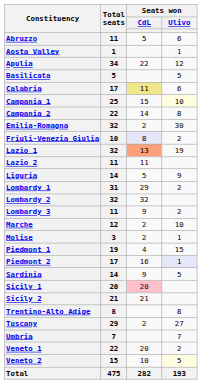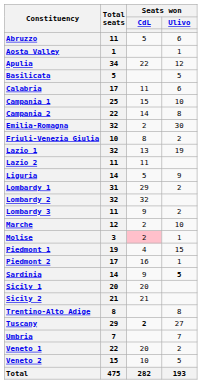 <table class="wikitable" style="text-align:center; font-size: 0.9em">
 <tr>
 <th rowspan="3">Constituency</th>
 <th rowspan="3">Total<br>seats</th>
 <th colspan="2">Seats won</th>
 </tr>
 <tr>
 <th class="unsortable" style="width:50px;"><a href='#'>CdL</a></th>
 <th class="unsortable" style="width:50px;"><a href='#'>Ulivo</a></th>
 </tr>
 <tr>
 <th style="color:inherit;background:"></th>
 <th style="color:inherit;background:"></th>
 </tr>
 <tr>
 <th style="text-align: left;"><a href='#'>Abruzzo</a></th>
 <th>11</th>
 <td>5</td>
 <td>6</td>
 </tr>
 <tr>
 <th style="text-align: left;"><a href='#'>Aosta Valley</a></th>
 <th>1</th>
 <td></td>
 <td>1</td>
 </tr>
 <tr>
 <th style="text-align: left;"><a href='#'>Apulia</a></th>
 <th>34</th>
 <td>22</td>
 <td>12</td>
 </tr>
 <tr>
 <th style="text-align: left;"><a href='#'>Basilicata</a></th>
 <th>5</th>
 <td></td>
 <td>5</td>
 </tr>
 <tr>
 <th style="text-align: left;"><a href='#'>Calabria</a></th>
 <th>17</th>
-<td style="background: khaki;">11</td>
+<td>11</td>
 <td>6</td>
 </tr>
 <tr>
 <th style="text-align: left;"><a href='#'>Campania 1</a></th>
 <th>25</th>
 <td>15</td>
-<td style="background: lightyellow;">10</td>
+<td>10</td>
 </tr>
 <tr>
 <th style="text-align: left;"><a href='#'>Campania 2</a></th>
 <th>22</th>
 <td>14</td>
 <td>8</td>
 </tr>
 <tr>
 <th style="text-align: left;"><a href='#'>Emilia-Romagna</a></th>
 <th>32</th>
 <td>2</td>
 <td>30</td>
 </tr>
 <tr>
 <th style="text-align: left;"><a href='#'>Friuli-Venezia Giulia</a></th>
 <th>10</th>
-<td style="background: lavender;">8</td>
+<td>8</td>
 <td>2</td>
 </tr>
 <tr>
 <th style="text-align: left;"><a href='#'>Lazio 1</a></th>
 <th>32</th>
-<td style="background: lightsalmon;">13</td>
+<td>13</td>
 <td>19</td>
 </tr>
 <tr>
 <th style="text-align: left;"><a href='#'>Lazio 2</a></th>
 <th>11</th>
 <td>11</td>
 <td></td>
 </tr>
 <tr>
 <th style="text-align: left;"><a href='#'>Liguria</a></th>
 <th>14</th>
 <td>5</td>
 <td>9</td>
 </tr>
 <tr>
 <th style="text-align: left;"><a href='#'>Lombardy 1</a></th>
 <th>31</th>
 <td>29</td>
 <td>2</td>
 </tr>
 <tr>
 <th style="text-align: left;"><a href='#'>Lombardy 2</a></th>
 <th>32</th>
 <td>32</td>
 <td></td>
 </tr>
 <tr>
 <th style="text-align: left;"><a href='#'>Lombardy 3</a></th>
 <th>11</th>
 <td>9</td>
 <td>2</td>
 </tr>
 <tr>
 <th style="text-align: left;"><a href='#'>Marche</a></th>
 <th>12</th>
 <td>2</td>
 <td>10</td>
 </tr>
 <tr>
 <th style="text-align: left;"><a href='#'>Molise</a></th>
 <th>3</th>
-<td>2</td>
+<td style="background: pink;">2</td>
 <td>1</td>
 </tr>
 <tr>
 <th style="text-align: left;"><a href='#'>Piedmont 1</a></th>
 <th>19</th>
 <td>4</td>
 <td>15</td>
 </tr>
 <tr>
 <th style="text-align: left;"><a href='#'>Piedmont 2</a></th>
 <th>17</th>
 <td>16</td>
-<td style="background: lavender;">1</td>
+<td>1</td>
 </tr>
 <tr>
 <th style="text-align: left;"><a href='#'>Sardinia</a></th>
 <th>14</th>
 <td>9</td>
-<td>5</td>
+<td><strong>5</strong></td>
 </tr>
 <tr>
 <th style="text-align: left;"><a href='#'>Sicily 1</a></th>
 <th>20</th>
-<td style="background: pink;">20</td>
+<td>20</td>
 <td></td>
 </tr>
 <tr>
 <th style="text-align: left;"><a href='#'>Sicily 2</a></th>
 <th>21</th>
 <td>21</td>
 <td></td>
 </tr>
 <tr>
 <th style="text-align: left;"><a href='#'>Trentino-Alto Adige</a></th>
 <th>8</th>
 <td></td>
 <td>8</td>
 </tr>
 <tr>
 <th style="text-align: left;"><a href='#'>Tuscany</a></th>
 <th>29</th>
-<td>2</td>
+<td><strong>2</strong></td>
 <td>27</td>
 </tr>
 <tr>
 <th style="text-align: left;"><a href='#'>Umbria</a></th>
 <th>7</th>
 <td></td>
 <td>7</td>
 </tr>
 <tr>
 <th style="text-align: left;"><a href='#'>Veneto 1</a></th>
 <th>22</th>
 <td>20</td>
 <td>2</td>
 </tr>
 <tr>
 <th style="text-align: left;"><a href='#'>Veneto 2</a></th>
 <th>15</th>
 <td>10</td>
-<td style="background: lightyellow;">5</td>
+<td>5</td>
 </tr>
 <tr>
 <th style="text-align: left;">Total</th>
 <th>475</th>
 <th>282</th>
 <th>193</th>
 </tr>
 </table>
